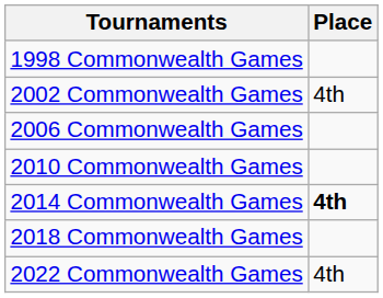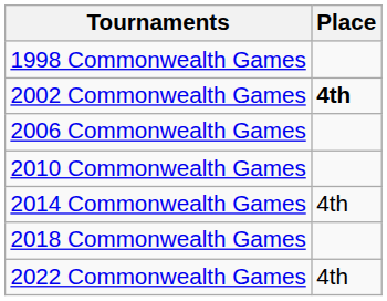 <table class="wikitable collapsible">
 <tr>
 <th>Tournaments</th>
 <th>Place</th>
 </tr>
 <tr>
 <td><a href='#'>1998 Commonwealth Games</a></td>
 <td></td>
 </tr>
 <tr>
 <td><a href='#'>2002 Commonwealth Games</a></td>
-<td>4th</td>
+<td><strong>4th</strong></td>
 </tr>
 <tr>
 <td><a href='#'>2006 Commonwealth Games</a></td>
 <td></td>
 </tr>
 <tr>
 <td><a href='#'>2010 Commonwealth Games</a></td>
 <td></td>
 </tr>
 <tr>
 <td><a href='#'>2014 Commonwealth Games</a></td>
-<td><strong>4th</strong></td>
+<td>4th</td>
 </tr>
 <tr>
 <td><a href='#'>2018 Commonwealth Games</a></td>
 <td></td>
 </tr>
 <tr>
 <td><a href='#'>2022 Commonwealth Games</a></td>
 <td>4th</td>
 </tr>
 </table>
